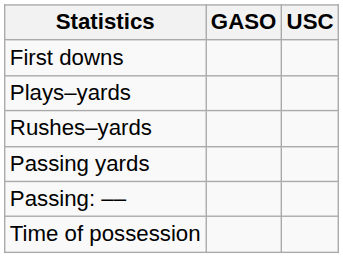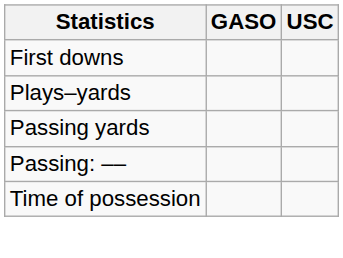 <table class="wikitable" style="float:left">
 <tr>
 <th>Statistics</th>
 <th>GASO</th>
 <th>USC</th>
 </tr>
 <tr>
 <td>First downs</td>
 <td></td>
 <td></td>
 </tr>
 <tr>
 <td>Plays–yards</td>
-<td></td>
-<td></td>
-</tr>
-<tr>
-<td>Rushes–yards</td>
 <td></td>
 <td></td>
 </tr>
 <tr>
 <td>Passing yards</td>
 <td></td>
 <td></td>
 </tr>
 <tr>
 <td>Passing: ––</td>
 <td></td>
 <td></td>
 </tr>
 <tr>
 <td>Time of possession</td>
 <td></td>
 <td></td>
 </tr>
 </table>
